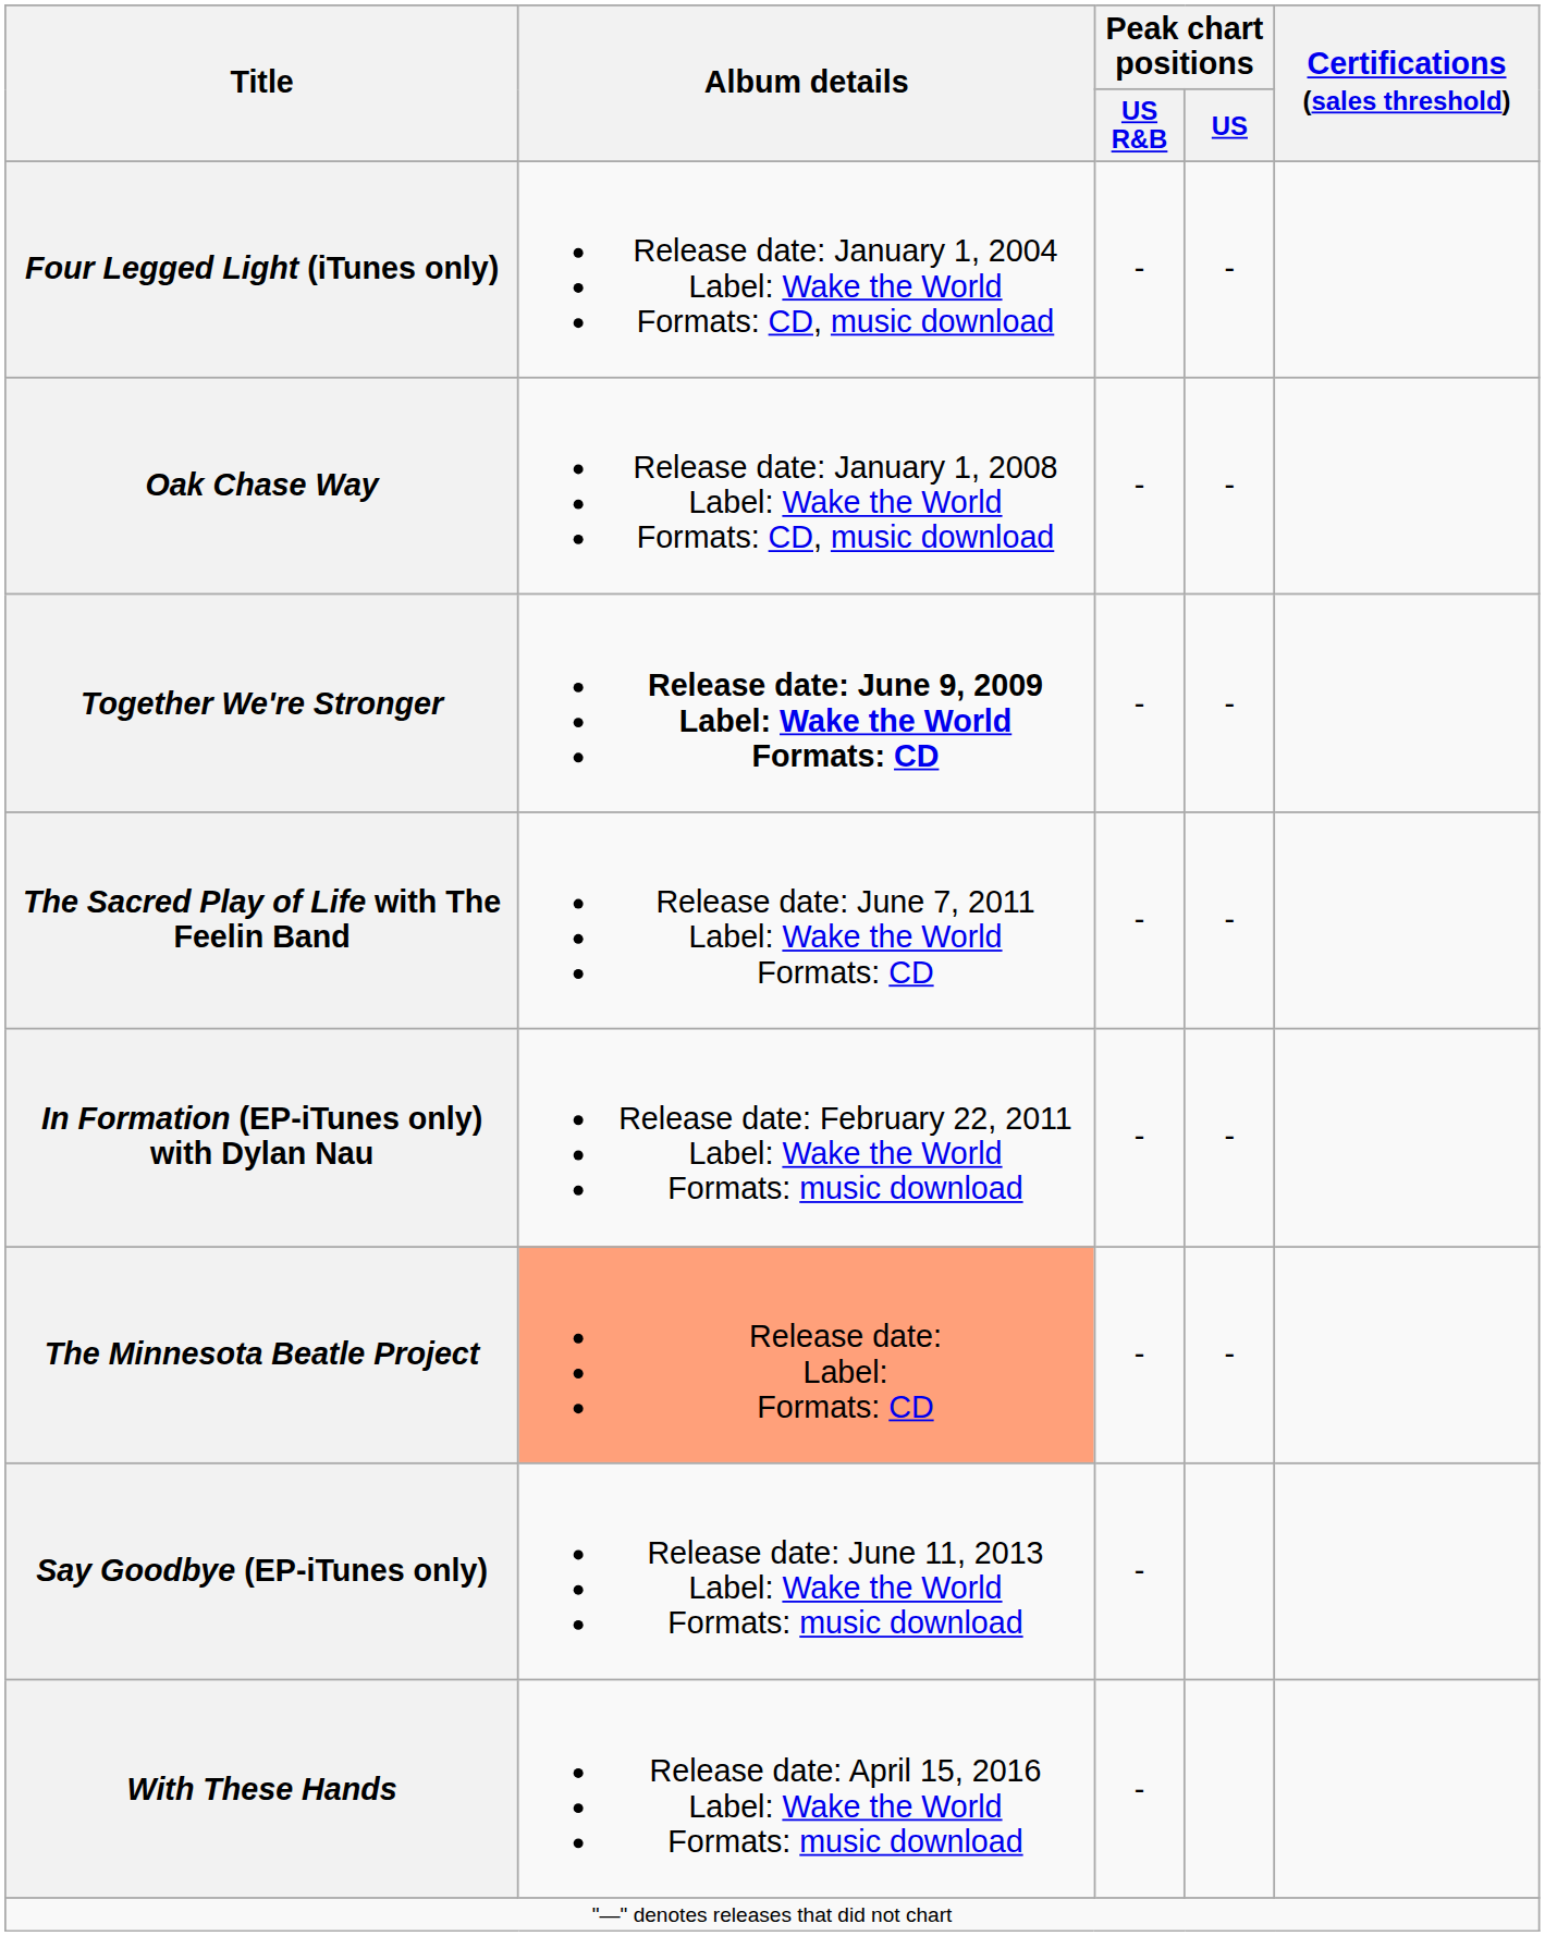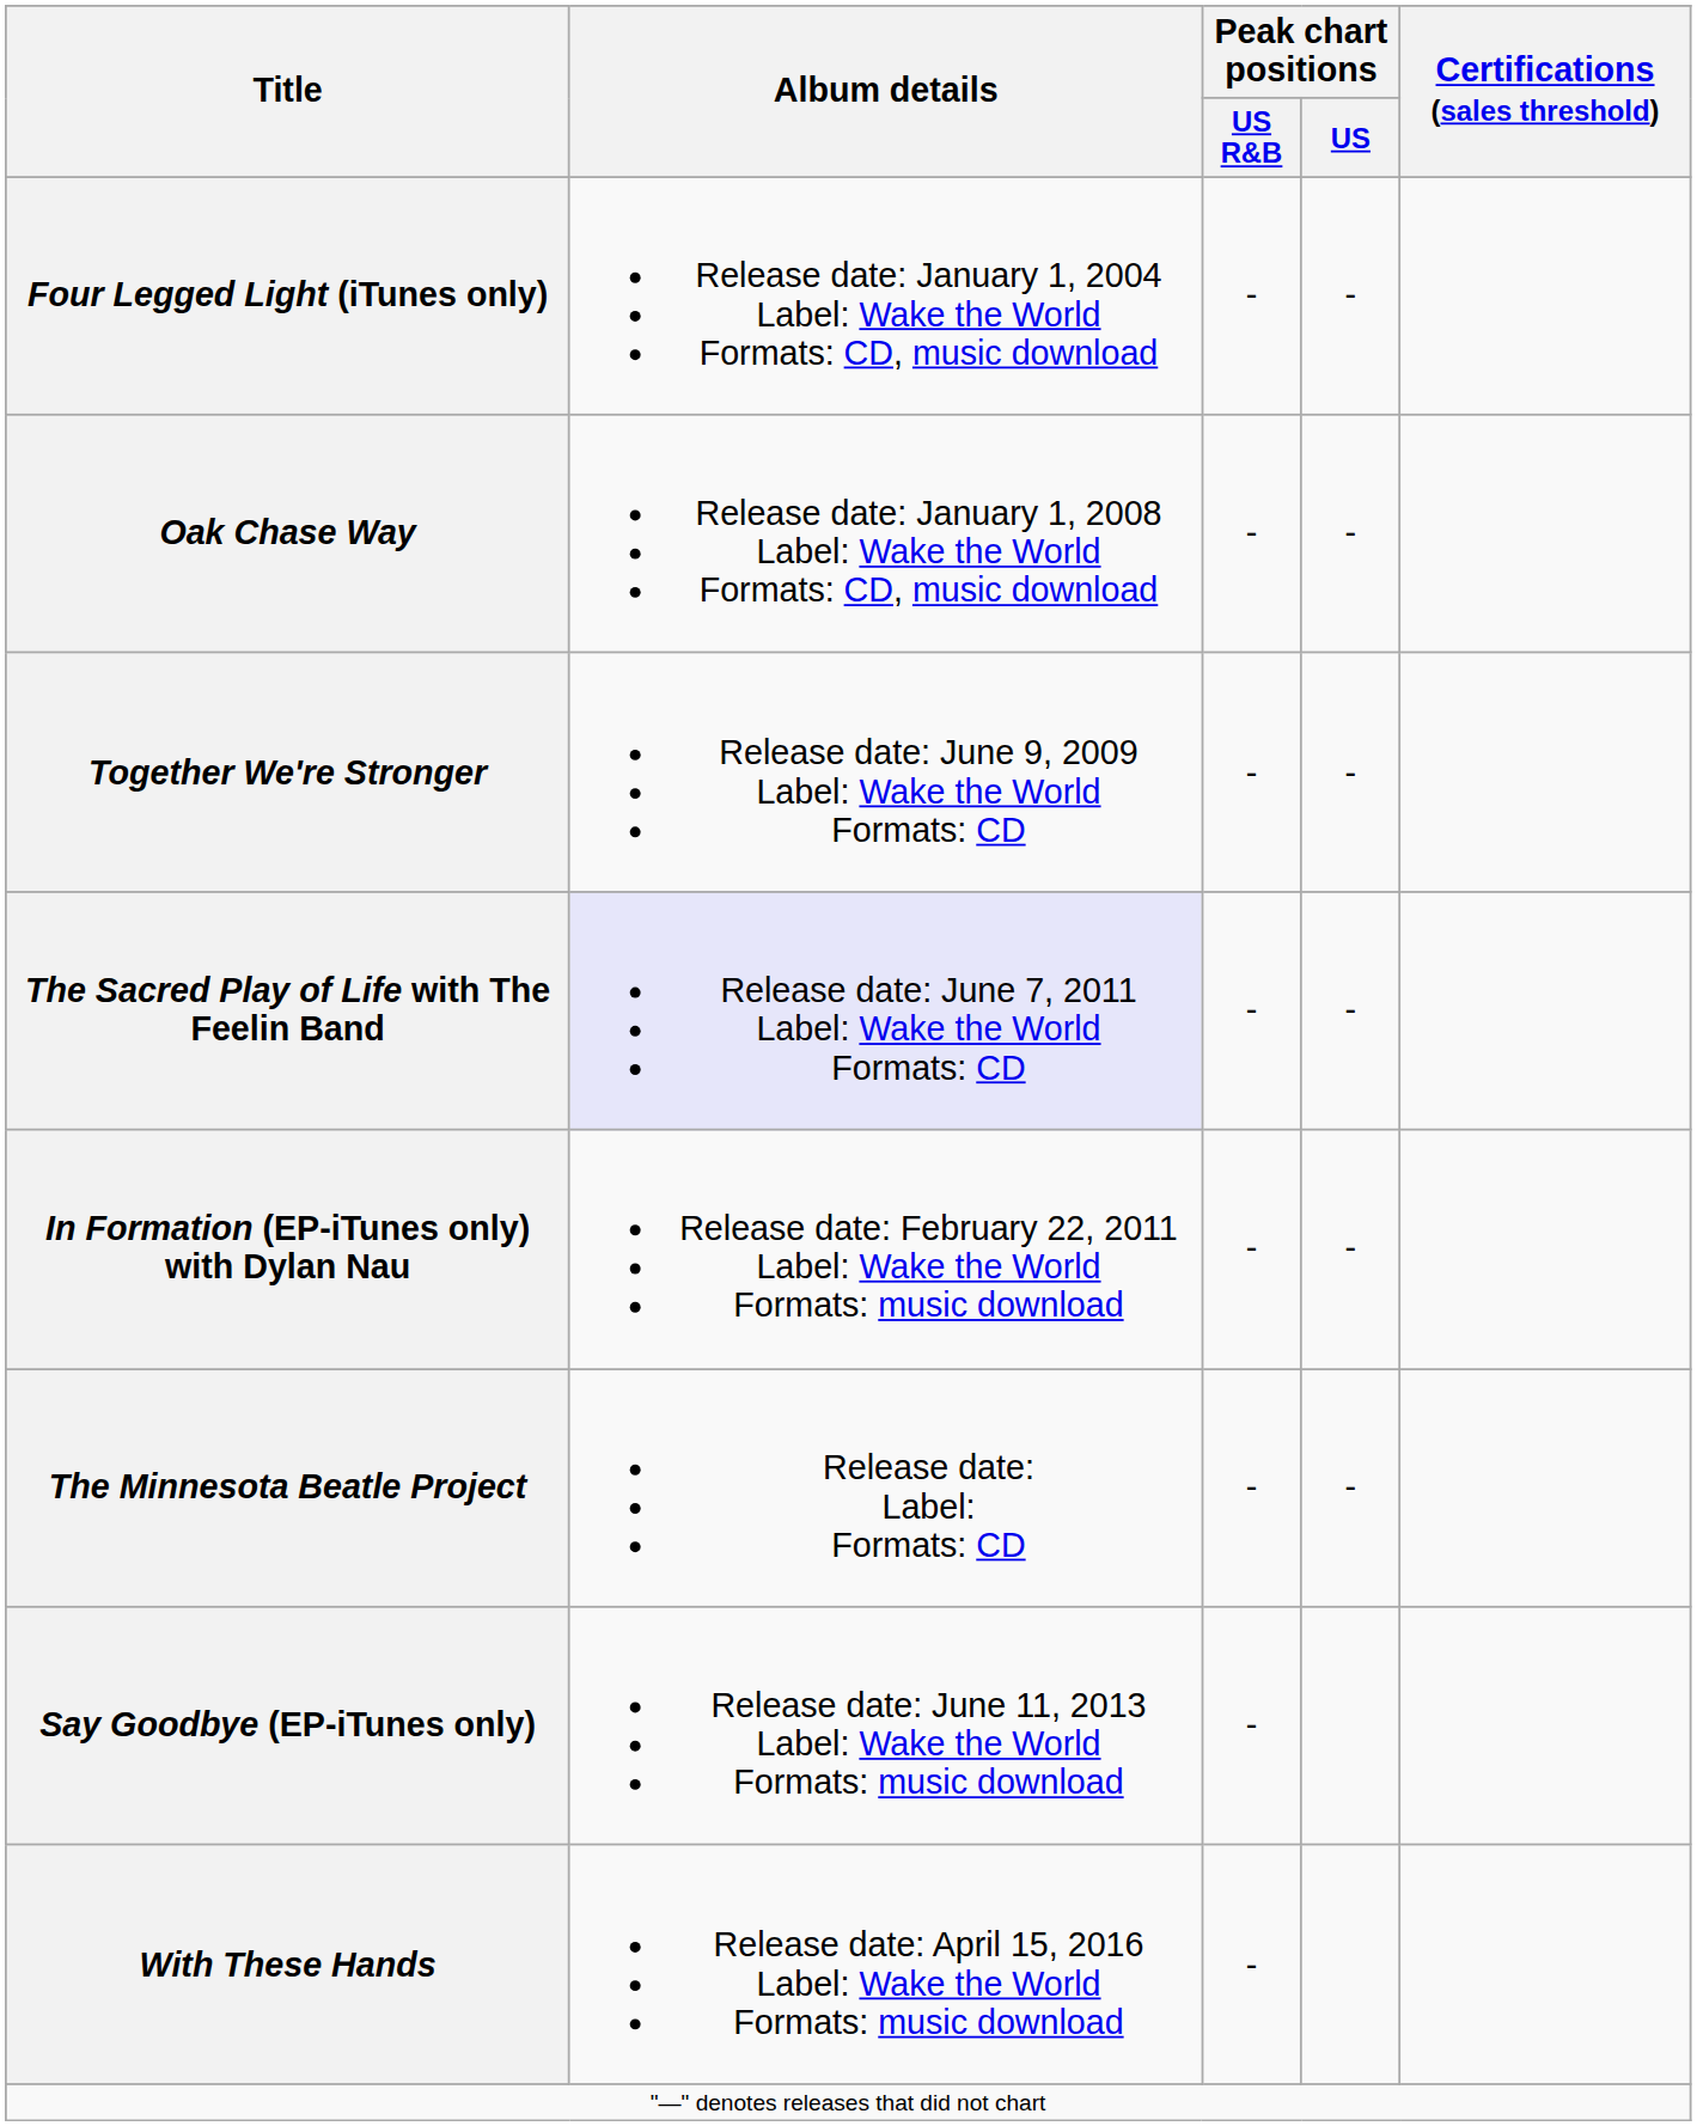 <table class="wikitable plainrowheaders" style="text-align:center;">
 <tr>
 <th rowspan="2" style="width:16em;">Title</th>
 <th rowspan="2" style="width:18em;">Album details</th>
 <th colspan="2">Peak chart<br>positions</th>
 <th rowspan="2" style="width:8em;"><a href='#'>Certifications</a><br><small>(<a href='#'>sales threshold</a>)</small></th>
 </tr>
 <tr style="font-size:smaller;">
 <th width="40"><a href='#'>US R&B</a><br></th>
 <th width="40"><a href='#'>US</a><br></th>
 </tr>
 <tr>
 <th scope="row"><em>Four Legged Light</em> (iTunes only)</th>
 <td><br><ul><li>Release date: January 1, 2004</li><li>Label: <a href='#'>Wake the World</a></li><li>Formats: <a href='#'>CD</a>, <a href='#'>music download</a></li></ul></td>
 <td>-</td>
 <td>-</td>
 <td></td>
 </tr>
 <tr>
 <th scope="row"><em>Oak Chase Way</em></th>
 <td><br><ul><li>Release date: January 1, 2008</li><li>Label: <a href='#'>Wake the World</a></li><li>Formats: <a href='#'>CD</a>, <a href='#'>music download</a></li></ul></td>
 <td>-</td>
 <td>-</td>
 <td></td>
 </tr>
 <tr>
 <th scope="row"><em>Together We're Stronger</em></th>
-<td><strong><br><ul><li>Release date: June 9, 2009</li><li>Label: <a href='#'>Wake the World</a></li><li>Formats: <a href='#'>CD</a></li></ul></strong></td>
+<td><br><ul><li>Release date: June 9, 2009</li><li>Label: <a href='#'>Wake the World</a></li><li>Formats: <a href='#'>CD</a></li></ul></td>
 <td>-</td>
 <td>-</td>
 <td></td>
 </tr>
 <tr>
 <th scope="row"><em>The Sacred Play of Life</em> with The Feelin Band</th>
-<td><br><ul><li>Release date: June 7, 2011</li><li>Label: <a href='#'>Wake the World</a></li><li>Formats: <a href='#'>CD</a></li></ul></td>
+<td style="background: lavender;"><br><ul><li>Release date: June 7, 2011</li><li>Label: <a href='#'>Wake the World</a></li><li>Formats: <a href='#'>CD</a></li></ul></td>
 <td>-</td>
 <td>-</td>
 <td></td>
 </tr>
 <tr>
 <th scope="row"><em>In Formation</em> (EP-iTunes only) with Dylan Nau</th>
 <td><br><ul><li>Release date: February 22, 2011</li><li>Label: <a href='#'>Wake the World</a></li><li>Formats: <a href='#'>music download</a></li></ul></td>
 <td>-</td>
 <td>-</td>
 <td></td>
 </tr>
 <tr>
 <th scope="row"><em>The Minnesota Beatle Project</em></th>
-<td style="background: lightsalmon;"><br><ul><li>Release date:</li><li>Label:</li><li>Formats: <a href='#'>CD</a></li></ul></td>
+<td><br><ul><li>Release date:</li><li>Label:</li><li>Formats: <a href='#'>CD</a></li></ul></td>
 <td>-</td>
 <td>-</td>
 <td></td>
 </tr>
 <tr>
 <th scope="row"><em>Say Goodbye</em> (EP-iTunes only)</th>
 <td><br><ul><li>Release date: June 11, 2013</li><li>Label: <a href='#'>Wake the World</a></li><li>Formats: <a href='#'>music download</a></li></ul></td>
 <td>-</td>
 <td></td>
 <td></td>
 </tr>
 <tr>
 <th scope="row"><em>With These Hands</em></th>
 <td><br><ul><li>Release date: April 15, 2016</li><li>Label: <a href='#'>Wake the World</a></li><li>Formats: <a href='#'>music download</a></li></ul></td>
 <td>-</td>
 <td></td>
 <td></td>
 </tr>
 <tr>
 <td colspan="10" style="font-size:8pt">"—" denotes releases that did not chart</td>
 </tr>
 </table>
